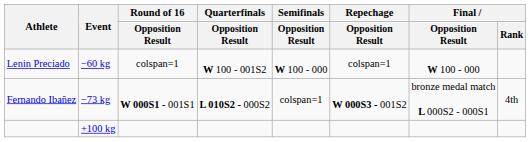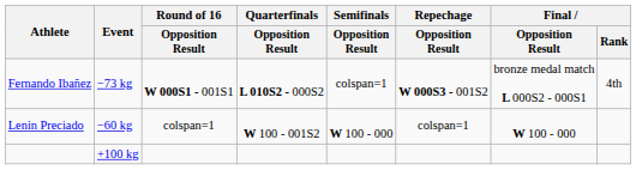 <table class="wikitable" style="font-size:90%">
 <tr>
 <th rowspan=2>Athlete</th>
 <th rowspan=2>Event</th>
 <th>Round of 16</th>
 <th>Quarterfinals</th>
 <th>Semifinals</th>
 <th>Repechage</th>
 <th colspan=2>Final / </th>
 </tr>
 <tr style="font-size:95%">
 <th>Opposition<br>Result</th>
 <th>Opposition<br>Result</th>
 <th>Opposition<br>Result</th>
 <th>Opposition<br>Result</th>
 <th>Opposition<br>Result</th>
 <th>Rank</th>
 </tr>
 <tr align=center>
+<td align=left><a href='#'>Fernando Ibañez</a></td>
+<td align=left><a href='#'>−73 kg</a></td>
+<td><br><strong>W 000S1 - </strong>001S1</td>
+<td><br><strong>L 010S2 - </strong>000S2</td>
+<td>colspan=1 </td>
+<td><br><strong>W 000S3 - </strong>001S2</td>
+<td>bronze medal match<br><br><strong>L </strong>000S2 - 000S1</td>
+<td>4th</td>
+</tr>
+<tr align=center>
 <td align=left><a href='#'>Lenin Preciado</a></td>
 <td align=left><a href='#'>−60 kg</a></td>
 <td>colspan=1 </td>
 <td><br><strong>W </strong>100 - 001S2</td>
 <td><br><strong>W </strong>100 - 000</td>
 <td>colspan=1 </td>
 <td><br><strong>W </strong>100 - 000</td>
 <td></td>
-</tr>
-<tr align=center>
-<td align=left><a href='#'>Fernando Ibañez</a></td>
-<td align=left><a href='#'>−73 kg</a></td>
-<td><br><strong>W 000S1 - </strong>001S1</td>
-<td><br><strong>L 010S2 - </strong>000S2</td>
-<td>colspan=1 </td>
-<td><br><strong>W 000S3 - </strong>001S2</td>
-<td>bronze medal match<br><br><strong>L </strong>000S2 - 000S1</td>
-<td>4th</td>
 </tr>
 <tr align=center>
 <td align=left></td>
 <td align=left><a href='#'>+100 kg</a></td>
 <td></td>
 <td></td>
 <td></td>
 <td></td>
 <td></td>
 <td></td>
 </tr>
 </table>
